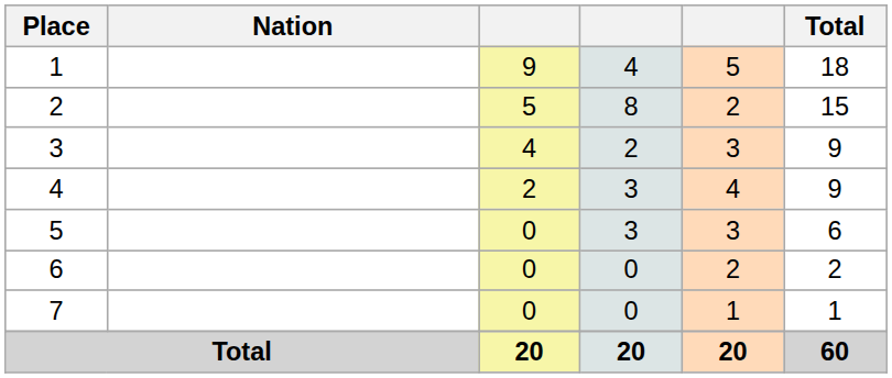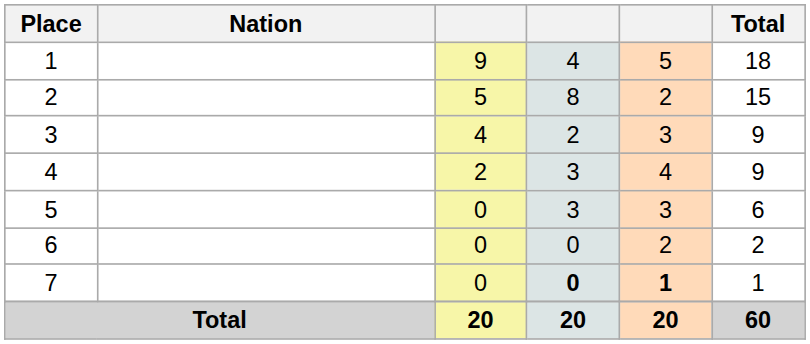 <table class=wikitable style="border:1px solid #AAAAAA;font-size:90%">
 <tr bgcolor="#EFEFEF">
 <th width=50>Place</th>
 <th width=200>Nation</th>
 <th width=50></th>
 <th width=50></th>
 <th width=50></th>
 <th width=50>Total</th>
 </tr>
 <tr align="center" valign="top" bgcolor="#FFFFFF">
 <td>1</td>
 <td align="left"></td>
 <td style="background:#F7F6A8;">9</td>
 <td style="background:#DCE5E5;">4</td>
 <td style="background:#FFDAB9;">5</td>
 <td>18</td>
 </tr>
 <tr align="center" valign="top" bgcolor="#FFFFFF">
 <td>2</td>
 <td align="left"></td>
 <td style="background:#F7F6A8;">5</td>
 <td style="background:#DCE5E5;">8</td>
 <td style="background:#FFDAB9;">2</td>
 <td>15</td>
 </tr>
 <tr align="center" valign="top" bgcolor="#FFFFFF">
 <td>3</td>
 <td align="left"></td>
 <td style="background:#F7F6A8;">4</td>
 <td style="background:#DCE5E5;">2</td>
 <td style="background:#FFDAB9;">3</td>
 <td>9</td>
 </tr>
 <tr align="center" valign="top" bgcolor="#FFFFFF">
 <td>4</td>
 <td align="left"></td>
 <td style="background:#F7F6A8;">2</td>
 <td style="background:#DCE5E5;">3</td>
 <td style="background:#FFDAB9;">4</td>
 <td>9</td>
 </tr>
 <tr align="center" valign="top" bgcolor="#FFFFFF">
 <td>5</td>
 <td align="left"></td>
 <td style="background:#F7F6A8;">0</td>
 <td style="background:#DCE5E5;">3</td>
 <td style="background:#FFDAB9;">3</td>
 <td>6</td>
 </tr>
 <tr align="center" valign="top" bgcolor="#FFFFFF">
 <td>6</td>
 <td align="left"></td>
 <td style="background:#F7F6A8;">0</td>
 <td style="background:#DCE5E5;">0</td>
 <td style="background:#FFDAB9;">2</td>
 <td>2</td>
 </tr>
 <tr align="center" valign="top" bgcolor="#FFFFFF">
 <td>7</td>
 <td align="left"></td>
 <td style="background:#F7F6A8;">0</td>
-<td style="background:#DCE5E5;">0</td>
-<td style="background:#FFDAB9;">1</td>
+<td style="background:#DCE5E5;"><strong>0</strong></td>
+<td style="background:#FFDAB9;"><strong>1</strong></td>
 <td>1</td>
 </tr>
 <tr align="center" valign="top" bgcolor="#FFFFFF">
 </tr>
 <tr align="center">
 <td colspan=2 bgcolor=D3D3D3><strong>Total</strong></td>
 <td style="background:#F7F6A8;"><strong>20</strong></td>
 <td style="background:#DCE5E5;"><strong>20</strong></td>
 <td style="background:#FFDAB9;"><strong>20</strong></td>
 <td bgcolor=D3D3D3><strong>60</strong></td>
 </tr>
 </table>
